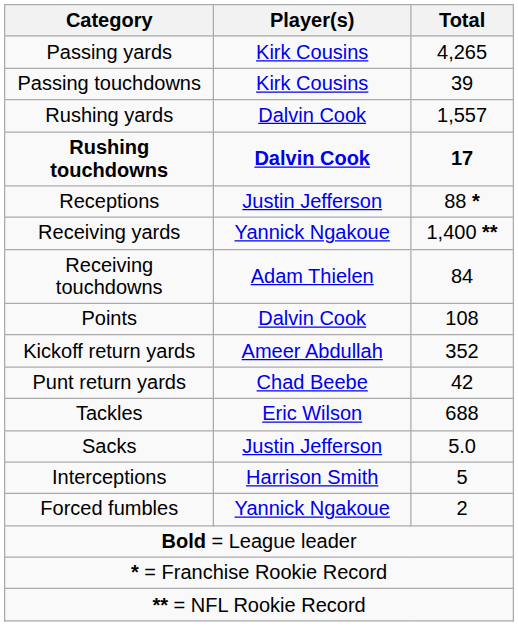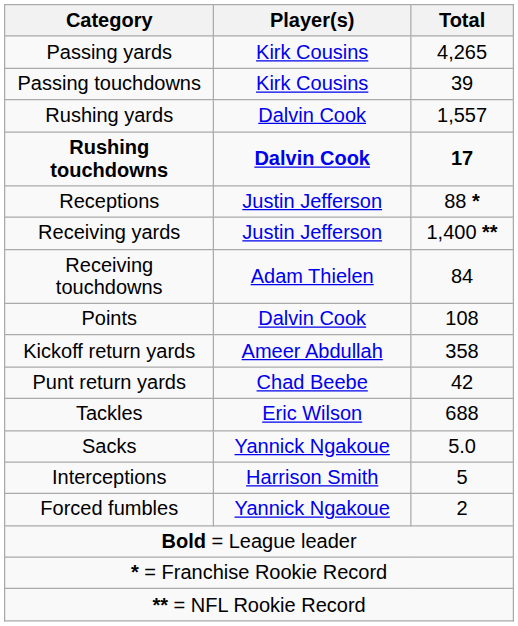 <table class="wikitable" style="text-align:center">
 <tr>
 <th width="160">Category</th>
 <th width="150">Player(s)</th>
 <th width="75">Total</th>
 </tr>
 <tr>
 <td>Passing yards</td>
 <td><a href='#'>Kirk Cousins</a></td>
 <td>4,265</td>
 </tr>
 <tr>
 <td>Passing touchdowns</td>
 <td><a href='#'>Kirk Cousins</a></td>
 <td>39</td>
 </tr>
 <tr>
 <td>Rushing yards</td>
 <td><a href='#'>Dalvin Cook</a></td>
 <td>1,557</td>
 </tr>
 <tr>
 <td><strong>Rushing touchdowns</strong></td>
 <td><strong><a href='#'>Dalvin Cook</a></strong></td>
 <td><strong>17 </strong></td>
 </tr>
 <tr>
 <td>Receptions</td>
 <td><a href='#'>Justin Jefferson</a></td>
 <td>88 <strong>*</strong></td>
 </tr>
 <tr>
 <td>Receiving yards</td>
-<td><a href='#'>Yannick Ngakoue</a></td>
+<td><a href='#'>Justin Jefferson</a></td>
 <td>1,400 <strong>**</strong></td>
 </tr>
 <tr>
 <td>Receiving touchdowns</td>
 <td><a href='#'>Adam Thielen</a></td>
 <td>84</td>
 </tr>
 <tr>
 <td>Points</td>
 <td><a href='#'>Dalvin Cook</a></td>
 <td>108</td>
 </tr>
 <tr>
 <td>Kickoff return yards</td>
 <td><a href='#'>Ameer Abdullah</a></td>
-<td>352</td>
+<td>358</td>
 </tr>
 <tr>
 <td>Punt return yards</td>
 <td><a href='#'>Chad Beebe</a></td>
 <td>42</td>
 </tr>
 <tr>
 <td>Tackles</td>
 <td><a href='#'>Eric Wilson</a></td>
 <td>688</td>
 </tr>
 <tr>
 <td>Sacks</td>
-<td><a href='#'>Justin Jefferson</a></td>
+<td><a href='#'>Yannick Ngakoue</a></td>
 <td>5.0</td>
 </tr>
 <tr>
 <td>Interceptions</td>
 <td><a href='#'>Harrison Smith</a></td>
 <td>5</td>
 </tr>
 <tr>
 <td>Forced fumbles</td>
 <td><a href='#'>Yannick Ngakoue</a></td>
 <td>2</td>
 </tr>
 <tr>
 <td colspan="3"><strong>Bold</strong> = League leader</td>
 </tr>
 <tr>
 <td colspan="3"><strong>*</strong> = Franchise Rookie Record</td>
 </tr>
 <tr>
 <td colspan="3"><strong>**</strong> = NFL Rookie Record</td>
 </tr>
 </table>
